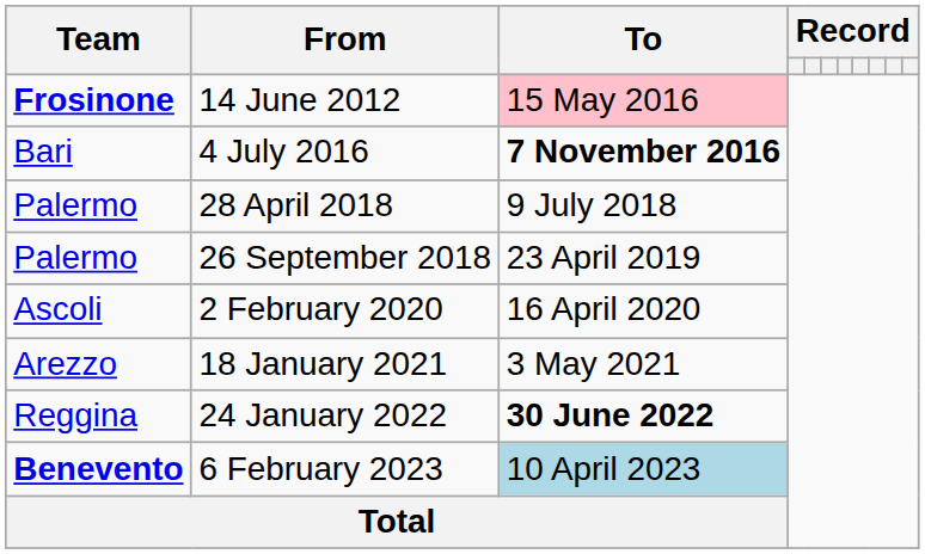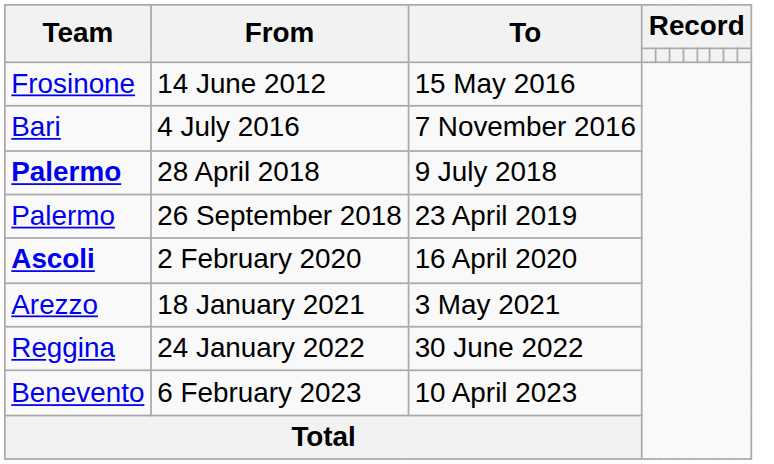 <table class="wikitable" style="text-align: center">
 <tr>
 <th rowspan="2">Team</th>
 <th rowspan="2">From</th>
 <th rowspan="2">To</th>
 <th colspan="8">Record</th>
 </tr>
 <tr>
 <th></th>
 <th></th>
 <th></th>
 <th></th>
 <th></th>
 <th></th>
 <th></th>
 <th></th>
 </tr>
 <tr>
-<td align=left><strong><a href='#'>Frosinone</a></strong></td>
+<td align=left><a href='#'>Frosinone</a></td>
 <td align=left>14 June 2012</td>
-<td align=left style="background: pink;">15 May 2016<br></td>
+<td align=left>15 May 2016<br></td>
 </tr>
 <tr>
 <td align=left><a href='#'>Bari</a></td>
 <td align=left>4 July 2016</td>
-<td align=left><strong>7 November 2016<br></strong></td>
+<td align=left>7 November 2016<br></td>
 </tr>
 <tr>
-<td align=left><a href='#'>Palermo</a></td>
+<td align=left><strong><a href='#'>Palermo</a></strong></td>
 <td align=left>28 April 2018</td>
 <td align=left>9 July 2018<br></td>
 </tr>
 <tr>
 <td align=left><a href='#'>Palermo</a></td>
 <td align=left>26 September 2018</td>
 <td align=left>23 April 2019<br></td>
 </tr>
 <tr>
-<td align=left><a href='#'>Ascoli</a></td>
+<td align=left><strong><a href='#'>Ascoli</a></strong></td>
 <td align=left>2 February 2020</td>
 <td align=left>16 April 2020<br></td>
 </tr>
 <tr>
 <td align=left><a href='#'>Arezzo</a></td>
 <td align=left>18 January 2021</td>
 <td align=left>3 May 2021<br></td>
 </tr>
 <tr>
 <td align=left><a href='#'>Reggina</a></td>
 <td align=left>24 January 2022</td>
-<td align=left><strong>30 June 2022<br></strong></td>
+<td align=left>30 June 2022<br></td>
 </tr>
 <tr>
-<td align=left><strong><a href='#'>Benevento</a></strong></td>
+<td align=left><a href='#'>Benevento</a></td>
 <td align=left>6 February 2023</td>
-<td align=left style="background: lightblue;">10 April 2023<br></td>
+<td align=left>10 April 2023<br></td>
 </tr>
 <tr>
 <th colspan="3">Total<br></th>
 </tr>
 </table>
